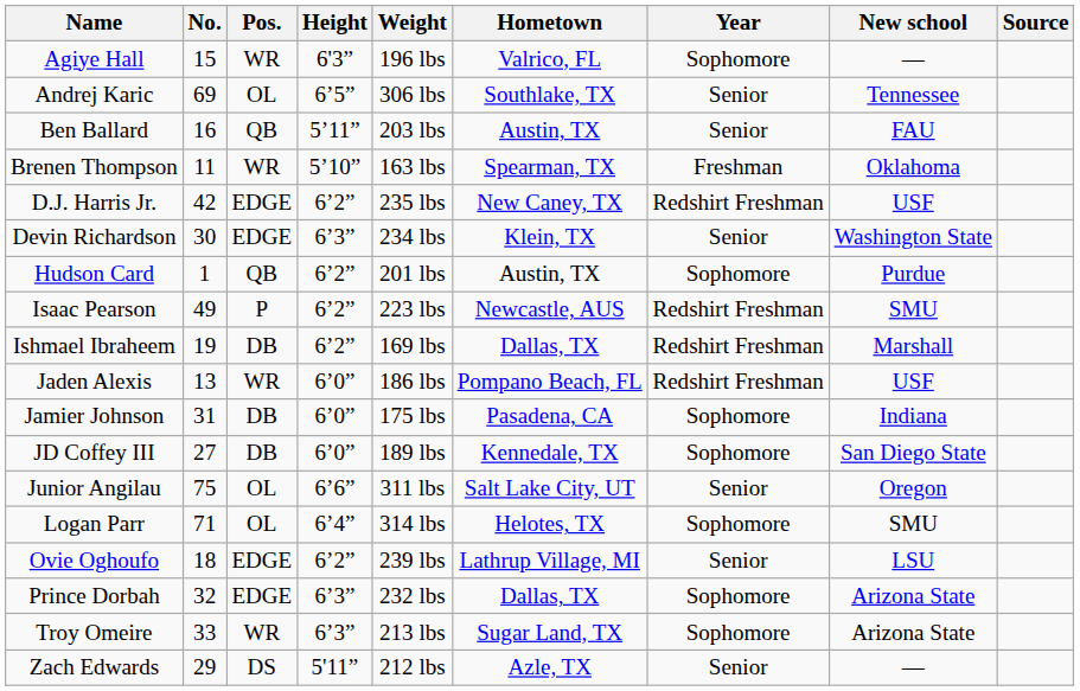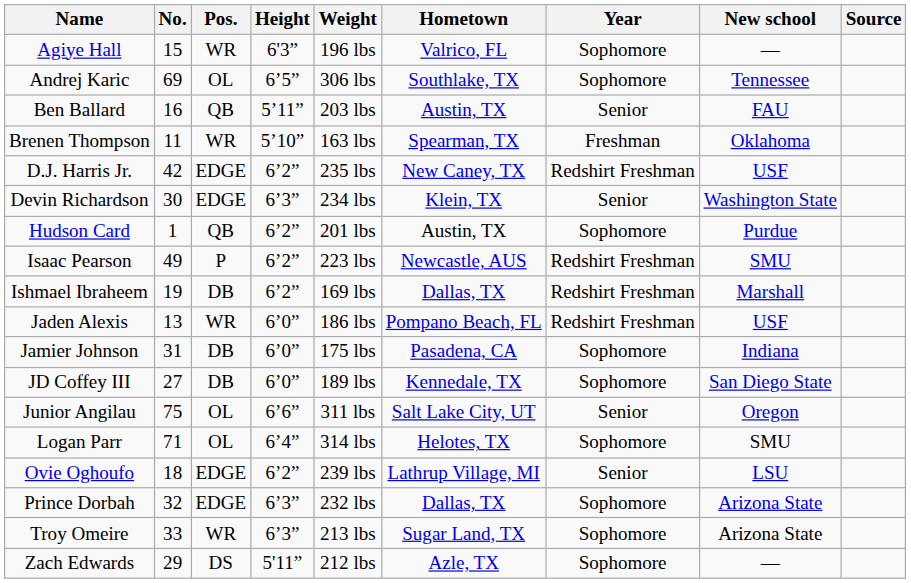 <table class="wikitable sortable">
 <tr>
 <th style="text-align:center; ">Name</th>
 <th style="text-align:center; ">No.</th>
 <th style="text-align:center; ">Pos.</th>
 <th style="text-align:center; ">Height</th>
 <th style="text-align:center; ">Weight</th>
 <th style="text-align:center; ">Hometown</th>
 <th style="text-align:center; ">Year</th>
 <th style="text-align:center; ">New school</th>
 <th style="text-align:center; ">Source</th>
 </tr>
 <tr align="center">
 <td><a href='#'>Agiye Hall</a></td>
 <td>15</td>
 <td>WR</td>
 <td>6'3”</td>
 <td>196 lbs</td>
 <td><a href='#'>Valrico, FL</a></td>
 <td>Sophomore</td>
 <td>—</td>
 <td></td>
 </tr>
 <tr align="center">
 <td>Andrej Karic</td>
 <td>69</td>
 <td>OL</td>
 <td>6’5”</td>
 <td>306 lbs</td>
 <td><a href='#'>Southlake, TX</a></td>
-<td>Senior</td>
+<td>Sophomore</td>
 <td><a href='#'>Tennessee</a></td>
 <td></td>
 </tr>
 <tr align="center">
 <td>Ben Ballard</td>
 <td>16</td>
 <td>QB</td>
 <td>5’11”</td>
 <td>203 lbs</td>
 <td><a href='#'>Austin, TX</a></td>
 <td>Senior</td>
 <td><a href='#'>FAU</a></td>
 <td></td>
 </tr>
 <tr align="center">
 <td>Brenen Thompson</td>
 <td>11</td>
 <td>WR</td>
 <td>5’10”</td>
 <td>163 lbs</td>
 <td><a href='#'>Spearman, TX</a></td>
 <td>Freshman</td>
 <td><a href='#'>Oklahoma</a></td>
 <td></td>
 </tr>
 <tr align="center">
 <td>D.J. Harris Jr.</td>
 <td>42</td>
 <td>EDGE</td>
 <td>6’2”</td>
 <td>235 lbs</td>
 <td><a href='#'>New Caney, TX</a></td>
 <td>Redshirt Freshman</td>
 <td><a href='#'>USF</a></td>
 <td></td>
 </tr>
 <tr align="center">
 <td>Devin Richardson</td>
 <td>30</td>
 <td>EDGE</td>
 <td>6’3”</td>
 <td>234 lbs</td>
 <td><a href='#'>Klein, TX</a></td>
 <td>Senior</td>
 <td><a href='#'>Washington State</a></td>
 <td></td>
 </tr>
 <tr align="center">
 <td><a href='#'>Hudson Card</a></td>
 <td>1</td>
 <td>QB</td>
 <td>6’2”</td>
 <td>201 lbs</td>
 <td>Austin, TX</td>
 <td>Sophomore</td>
 <td><a href='#'>Purdue</a></td>
 <td></td>
 </tr>
 <tr align="center">
 <td>Isaac Pearson</td>
 <td>49</td>
 <td>P</td>
 <td>6’2”</td>
 <td>223 lbs</td>
 <td><a href='#'>Newcastle, AUS</a></td>
 <td>Redshirt Freshman</td>
 <td><a href='#'>SMU</a></td>
 <td></td>
 </tr>
 <tr align="center">
 <td>Ishmael Ibraheem</td>
 <td>19</td>
 <td>DB</td>
 <td>6’2”</td>
 <td>169 lbs</td>
 <td><a href='#'>Dallas, TX</a></td>
 <td>Redshirt Freshman</td>
 <td><a href='#'>Marshall</a></td>
 <td></td>
 </tr>
 <tr align="center">
 <td>Jaden Alexis</td>
 <td>13</td>
 <td>WR</td>
 <td>6’0”</td>
 <td>186 lbs</td>
 <td><a href='#'>Pompano Beach, FL</a></td>
 <td>Redshirt Freshman</td>
 <td><a href='#'>USF</a></td>
 <td></td>
 </tr>
 <tr align="center">
 <td>Jamier Johnson</td>
 <td>31</td>
 <td>DB</td>
 <td>6’0”</td>
 <td>175 lbs</td>
 <td><a href='#'>Pasadena, CA</a></td>
 <td>Sophomore</td>
 <td><a href='#'>Indiana</a></td>
 <td></td>
 </tr>
 <tr align="center">
 <td>JD Coffey III</td>
 <td>27</td>
 <td>DB</td>
 <td>6’0”</td>
 <td>189 lbs</td>
 <td><a href='#'>Kennedale, TX</a></td>
 <td>Sophomore</td>
 <td><a href='#'>San Diego State</a></td>
 <td></td>
 </tr>
 <tr align="center">
 <td>Junior Angilau</td>
 <td>75</td>
 <td>OL</td>
 <td>6’6”</td>
 <td>311 lbs</td>
 <td><a href='#'>Salt Lake City, UT</a></td>
 <td>Senior</td>
 <td><a href='#'>Oregon</a></td>
 <td></td>
 </tr>
 <tr align="center">
 <td>Logan Parr</td>
 <td>71</td>
 <td>OL</td>
 <td>6’4”</td>
 <td>314 lbs</td>
 <td><a href='#'>Helotes, TX</a></td>
 <td>Sophomore</td>
 <td>SMU</td>
 <td></td>
 </tr>
 <tr align="center">
 <td><a href='#'>Ovie Oghoufo</a></td>
 <td>18</td>
 <td>EDGE</td>
 <td>6’2”</td>
 <td>239 lbs</td>
 <td><a href='#'>Lathrup Village, MI</a></td>
 <td>Senior</td>
 <td><a href='#'>LSU</a></td>
 <td></td>
 </tr>
 <tr align="center">
 <td>Prince Dorbah</td>
 <td>32</td>
 <td>EDGE</td>
 <td>6’3”</td>
 <td>232 lbs</td>
 <td><a href='#'>Dallas, TX</a></td>
 <td>Sophomore</td>
 <td><a href='#'>Arizona State</a></td>
 <td></td>
 </tr>
 <tr align="center">
 <td>Troy Omeire</td>
 <td>33</td>
 <td>WR</td>
 <td>6’3”</td>
 <td>213 lbs</td>
 <td><a href='#'>Sugar Land, TX</a></td>
 <td>Sophomore</td>
 <td>Arizona State</td>
 <td></td>
 </tr>
 <tr align="center">
 <td>Zach Edwards</td>
 <td>29</td>
 <td>DS</td>
 <td>5'11”</td>
 <td>212 lbs</td>
 <td><a href='#'>Azle, TX</a></td>
-<td>Senior</td>
+<td>Sophomore</td>
 <td>—</td>
 <td></td>
 </tr>
 </table>
